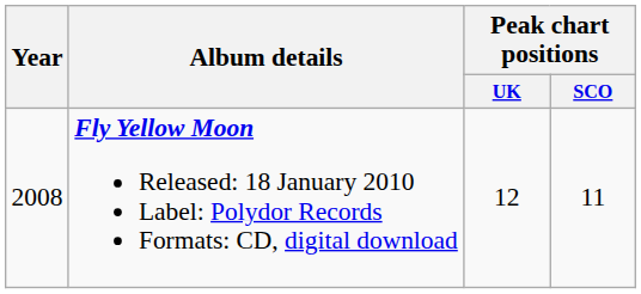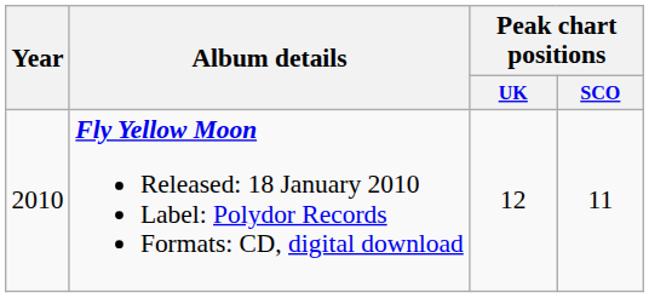 <table class="wikitable" style="text-align:center;">
 <tr>
 <th rowspan="2">Year</th>
 <th rowspan="2">Album details</th>
 <th colspan="2">Peak chart positions</th>
 </tr>
 <tr>
 <th style="width:4em;font-size:75%;"><a href='#'>UK</a><br></th>
 <th style="width:4em;font-size:75%;"><a href='#'>SCO</a><br></th>
 </tr>
 <tr>
-<td>2008</td>
+<td>2010</td>
 <td align=left><strong><em><a href='#'>Fly Yellow Moon</a></em></strong><br><ul><li>Released: 18 January 2010</li><li>Label: <a href='#'>Polydor Records</a></li><li>Formats: CD, <a href='#'>digital download</a></li></ul></td>
 <td>12</td>
 <td>11</td>
 </tr>
 </table>
